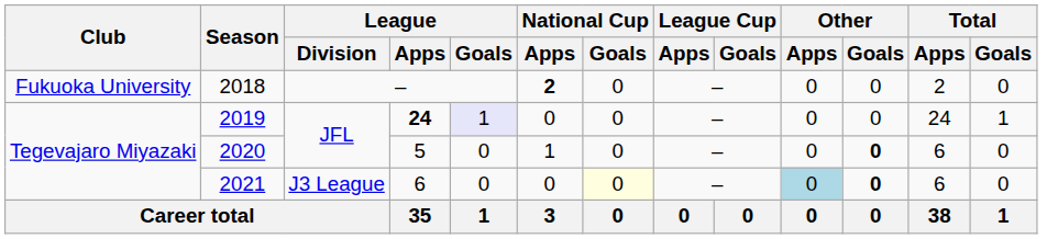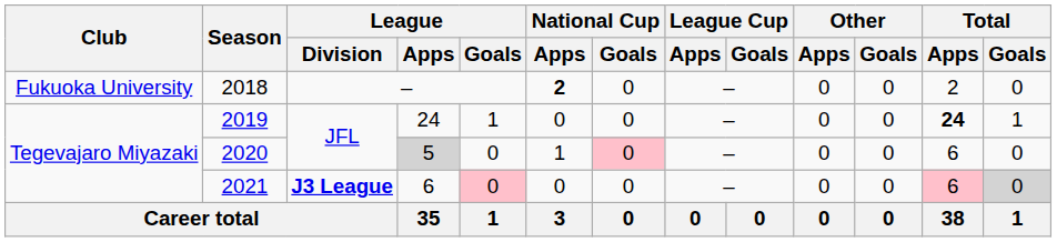 <table class="wikitable" style="text-align: center">
 <tr>
 <th rowspan="2">Club</th>
 <th rowspan="2">Season</th>
 <th colspan="3">League</th>
 <th colspan="2">National Cup</th>
 <th colspan="2">League Cup</th>
 <th colspan="2">Other</th>
 <th colspan="2">Total</th>
 </tr>
 <tr>
 <th>Division</th>
 <th>Apps</th>
 <th>Goals</th>
 <th>Apps</th>
 <th>Goals</th>
 <th>Apps</th>
 <th>Goals</th>
 <th>Apps</th>
 <th>Goals</th>
 <th>Apps</th>
 <th>Goals</th>
 </tr>
 <tr>
 <td><a href='#'>Fukuoka University</a></td>
 <td>2018</td>
 <td colspan="3">–</td>
 <td><strong>2</strong></td>
 <td>0</td>
 <td colspan="2">–</td>
 <td>0</td>
 <td>0</td>
 <td>2</td>
 <td>0</td>
 </tr>
 <tr>
 <td rowspan="3"><a href='#'>Tegevajaro Miyazaki</a></td>
 <td><a href='#'>2019</a></td>
 <td rowspan="2"><a href='#'>JFL</a></td>
-<td><strong>24</strong></td>
-<td style="background: lavender;">1</td>
+<td>24</td>
+<td>1</td>
 <td>0</td>
 <td>0</td>
 <td colspan="2">–</td>
 <td>0</td>
 <td>0</td>
-<td>24</td>
+<td><strong>24</strong></td>
 <td>1</td>
 </tr>
 <tr>
 <td><a href='#'>2020</a></td>
-<td>5</td>
+<td style="background: lightgrey;">5</td>
 <td>0</td>
 <td>1</td>
-<td>0</td>
+<td style="background: pink;">0</td>
 <td colspan="2">–</td>
 <td>0</td>
-<td><strong>0</strong></td>
+<td>0</td>
 <td>6</td>
 <td>0</td>
 </tr>
 <tr>
 <td><a href='#'>2021</a></td>
-<td><a href='#'>J3 League</a></td>
+<td><strong><a href='#'>J3 League</a></strong></td>
 <td>6</td>
+<td style="background: pink;">0</td>
 <td>0</td>
 <td>0</td>
-<td style="background: lightyellow;">0</td>
 <td colspan="2">–</td>
-<td style="background: lightblue;">0</td>
-<td><strong>0</strong></td>
-<td>6</td>
 <td>0</td>
+<td>0</td>
+<td style="background: pink;">6</td>
+<td style="background: lightgrey;">0</td>
 </tr>
 <tr>
 <th colspan=3>Career total</th>
 <th>35</th>
 <th>1</th>
 <th>3</th>
 <th>0</th>
 <th>0</th>
 <th>0</th>
 <th>0</th>
 <th>0</th>
 <th>38</th>
 <th>1</th>
 </tr>
 </table>
